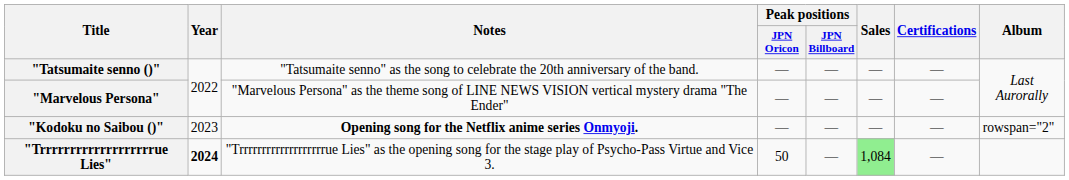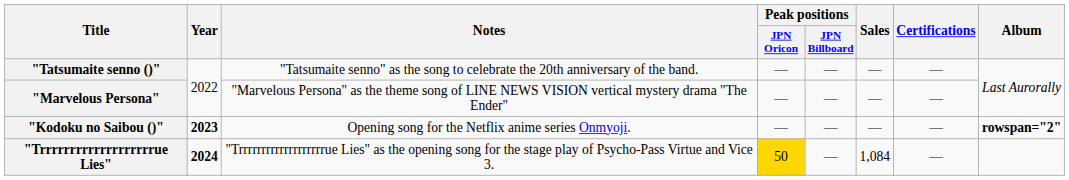 <table class="wikitable plainrowheaders">
 <tr>
 <th scope="col" rowspan="2">Title</th>
 <th scope="col" rowspan="2">Year</th>
 <th scope="col" rowspan="2">Notes</th>
 <th scope="col" colspan="2">Peak positions</th>
 <th scope="col" rowspan="2">Sales<br></th>
 <th scope="col" rowspan="2"><a href='#'>Certifications</a></th>
 <th scope="col" rowspan="2">Album</th>
 </tr>
 <tr style="font-size:smaller;">
 <th width="50"><a href='#'>JPN<br>Oricon</a><br></th>
 <th width="50"><a href='#'>JPN<br>Billboard</a></th>
 </tr>
 <tr>
 <th scope="row" align="left">"Tatsumaite senno ()"</th>
 <td rowspan="2">2022</td>
 <td align="center">"Tatsumaite senno" as the song to celebrate the 20th anniversary of the band.</td>
 <td align="center">—</td>
 <td align="center">—</td>
 <td align="center">—</td>
 <td align="center">—</td>
 <td rowspan="2" align="center"><em>Last Aurorally</em></td>
 </tr>
 <tr>
 <th scope="row" align="left">"Marvelous Persona"</th>
 <td align="center">"Marvelous Persona" as the theme song of LINE NEWS VISION vertical mystery drama "The Ender"</td>
 <td align="center">—</td>
 <td align="center">—</td>
 <td align="center">—</td>
 <td align="center">—</td>
 </tr>
 <tr>
 <th scope="row" align="left">"Kodoku no Saibou ()"</th>
-<td rowspan="1">2023</td>
-<td align="center"><strong>Opening song for the Netflix anime series <a href='#'>Onmyoji</a>.</strong></td>
+<td rowspan="1"><strong>2023</strong></td>
+<td align="center">Opening song for the Netflix anime series <a href='#'>Onmyoji</a>.</td>
 <td align="center">—</td>
 <td align="center">—</td>
 <td align="center">—</td>
 <td align="center">—</td>
-<td>rowspan="2" </td>
+<td><strong>rowspan="2" </strong></td>
 </tr>
 <tr>
 <th scope="row" align="left">"Trrrrrrrrrrrrrrrrrrrue Lies"</th>
 <td rowspan="1"><strong>2024</strong></td>
 <td align="center">"Trrrrrrrrrrrrrrrrrrrue Lies" as the opening song for the stage play of Psycho-Pass Virtue and Vice 3.</td>
-<td align="center">50</td>
+<td align="center" style="background: gold;">50</td>
 <td align="center">—</td>
-<td align="center" style="background: lightgreen;">1,084</td>
+<td align="center">1,084</td>
 <td align="center">—</td>
 </tr>
 </table>
